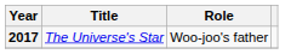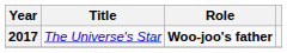 <table class="wikitable sortable plainrowheaders">
 <tr>
 <th scope="col">Year</th>
 <th scope="col">Title</th>
 <th scope="col">Role</th>
 <th scope="col" class="unsortable"></th>
 </tr>
 <tr>
 <th scope="row">2017</th>
 <td><em><a href='#'>The Universe's Star</a></em></td>
-<td>Woo-joo's father</td>
+<td><strong>Woo-joo's father</strong></td>
 <td></td>
 </tr>
 <tr>
 </tr>
 </table>
